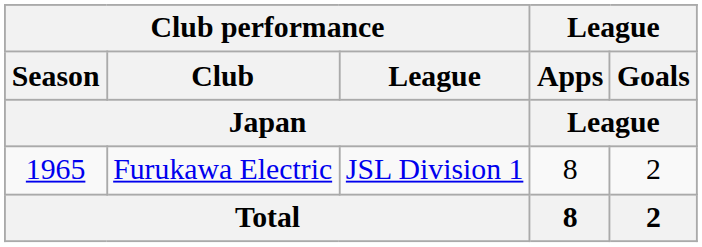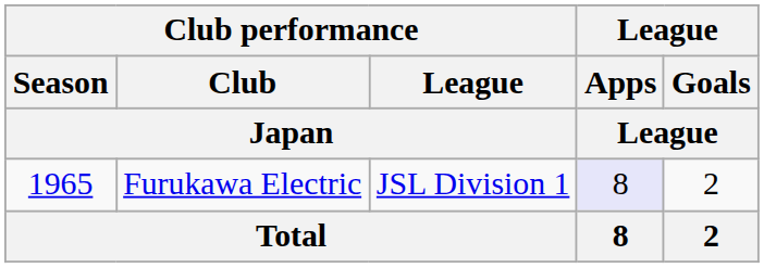 <table class="wikitable" style="text-align:center;">
 <tr>
 <th colspan=3>Club performance</th>
 <th colspan=2>League</th>
 </tr>
 <tr>
 <th>Season</th>
 <th>Club</th>
 <th>League</th>
 <th>Apps</th>
 <th>Goals</th>
 </tr>
 <tr>
 <th colspan=3>Japan</th>
 <th colspan=2>League</th>
 </tr>
 <tr>
 <td><a href='#'>1965</a></td>
 <td><a href='#'>Furukawa Electric</a></td>
 <td><a href='#'>JSL Division 1</a></td>
-<td>8</td>
+<td style="background: lavender;">8</td>
 <td>2</td>
 </tr>
 <tr>
 <th colspan=3>Total</th>
 <th>8</th>
 <th>2</th>
 </tr>
 </table>
